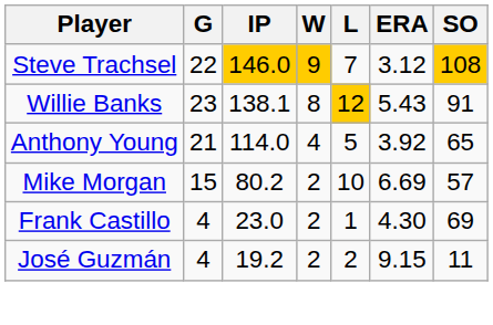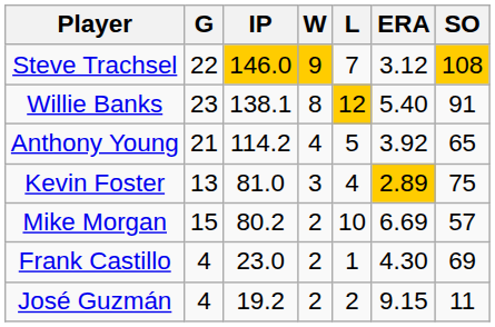 <table class="wikitable sortable" style="text-align:center">
 <tr>
 <th>Player</th>
 <th>G</th>
 <th>IP</th>
 <th>W</th>
 <th>L</th>
 <th>ERA</th>
 <th>SO</th>
 </tr>
 <tr>
 <td><a href='#'>Steve Trachsel</a></td>
 <td>22</td>
 <td style="background:#fc0;">146.0</td>
 <td style="background:#fc0;">9</td>
 <td>7</td>
 <td>3.12</td>
 <td style="background:#fc0;">108</td>
 </tr>
 <tr>
 <td><a href='#'>Willie Banks</a></td>
 <td>23</td>
 <td>138.1</td>
 <td>8</td>
 <td style="background:#fc0;">12</td>
-<td>5.43</td>
+<td>5.40</td>
 <td>91</td>
 </tr>
 <tr>
 <td><a href='#'>Anthony Young</a></td>
 <td>21</td>
-<td>114.0</td>
+<td>114.2</td>
 <td>4</td>
 <td>5</td>
 <td>3.92</td>
 <td>65</td>
+</tr>
+<tr>
+<td><a href='#'>Kevin Foster</a></td>
+<td>13</td>
+<td>81.0</td>
+<td>3</td>
+<td>4</td>
+<td style="background:#fc0;">2.89</td>
+<td>75</td>
 </tr>
 <tr>
 <td><a href='#'>Mike Morgan</a></td>
 <td>15</td>
 <td>80.2</td>
 <td>2</td>
 <td>10</td>
 <td>6.69</td>
 <td>57</td>
 </tr>
 <tr>
 <td><a href='#'>Frank Castillo</a></td>
 <td>4</td>
 <td>23.0</td>
 <td>2</td>
 <td>1</td>
 <td>4.30</td>
 <td>69</td>
 </tr>
 <tr>
 <td><a href='#'>José Guzmán</a></td>
 <td>4</td>
 <td>19.2</td>
 <td>2</td>
 <td>2</td>
 <td>9.15</td>
 <td>11</td>
 </tr>
 </table>
